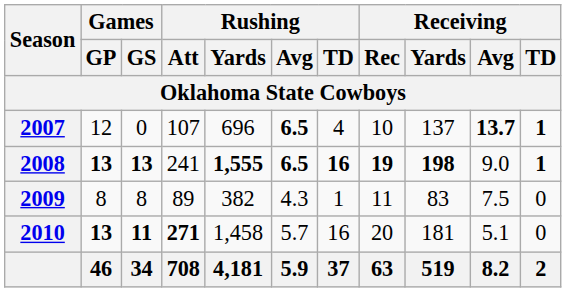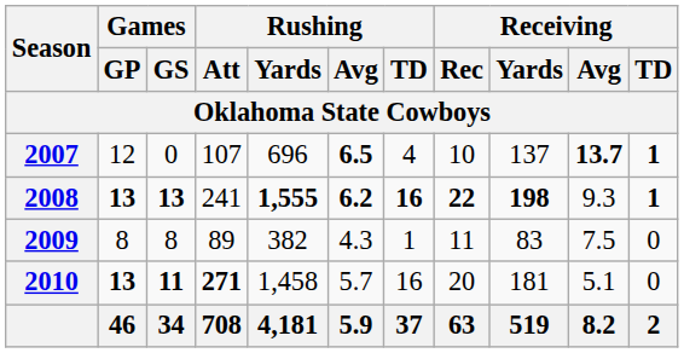 <table class="wikitable" style="text-align:center;">
 <tr>
 <th rowspan="2">Season</th>
 <th colspan="2">Games</th>
 <th colspan="4">Rushing</th>
 <th colspan="4">Receiving</th>
 </tr>
 <tr>
 <th>GP</th>
 <th>GS</th>
 <th>Att</th>
 <th>Yards</th>
 <th>Avg</th>
 <th>TD</th>
 <th>Rec</th>
 <th>Yards</th>
 <th>Avg</th>
 <th>TD</th>
 </tr>
 <tr>
 <th colspan="15">Oklahoma State Cowboys</th>
 </tr>
 <tr>
 <th><a href='#'>2007</a></th>
 <td>12</td>
 <td>0</td>
 <td>107</td>
 <td>696</td>
 <td><strong>6.5</strong></td>
 <td>4</td>
 <td>10</td>
 <td>137</td>
 <td><strong>13.7</strong></td>
 <td><strong>1</strong></td>
 </tr>
 <tr>
 <th><a href='#'>2008</a></th>
 <td><strong>13</strong></td>
 <td><strong>13</strong></td>
 <td>241</td>
 <td><strong>1,555</strong></td>
-<td><strong>6.5</strong></td>
+<td><strong>6.2</strong></td>
 <td><strong>16</strong></td>
-<td><strong>19</strong></td>
+<td><strong>22</strong></td>
 <td><strong>198</strong></td>
-<td>9.0</td>
+<td>9.3</td>
 <td><strong>1</strong></td>
 </tr>
 <tr>
 <th><a href='#'>2009</a></th>
 <td>8</td>
 <td>8</td>
 <td>89</td>
 <td>382</td>
 <td>4.3</td>
 <td>1</td>
 <td>11</td>
 <td>83</td>
 <td>7.5</td>
 <td>0</td>
 </tr>
 <tr>
 <th><a href='#'>2010</a></th>
 <td><strong>13</strong></td>
 <td><strong>11</strong></td>
 <td><strong>271</strong></td>
 <td>1,458</td>
 <td>5.7</td>
 <td>16</td>
 <td>20</td>
 <td>181</td>
 <td>5.1</td>
 <td>0</td>
 </tr>
 <tr>
 <th></th>
 <th>46</th>
 <th>34</th>
 <th>708</th>
 <th>4,181</th>
 <th>5.9</th>
 <th>37</th>
 <th>63</th>
 <th>519</th>
 <th>8.2</th>
 <th>2</th>
 </tr>
 </table>
